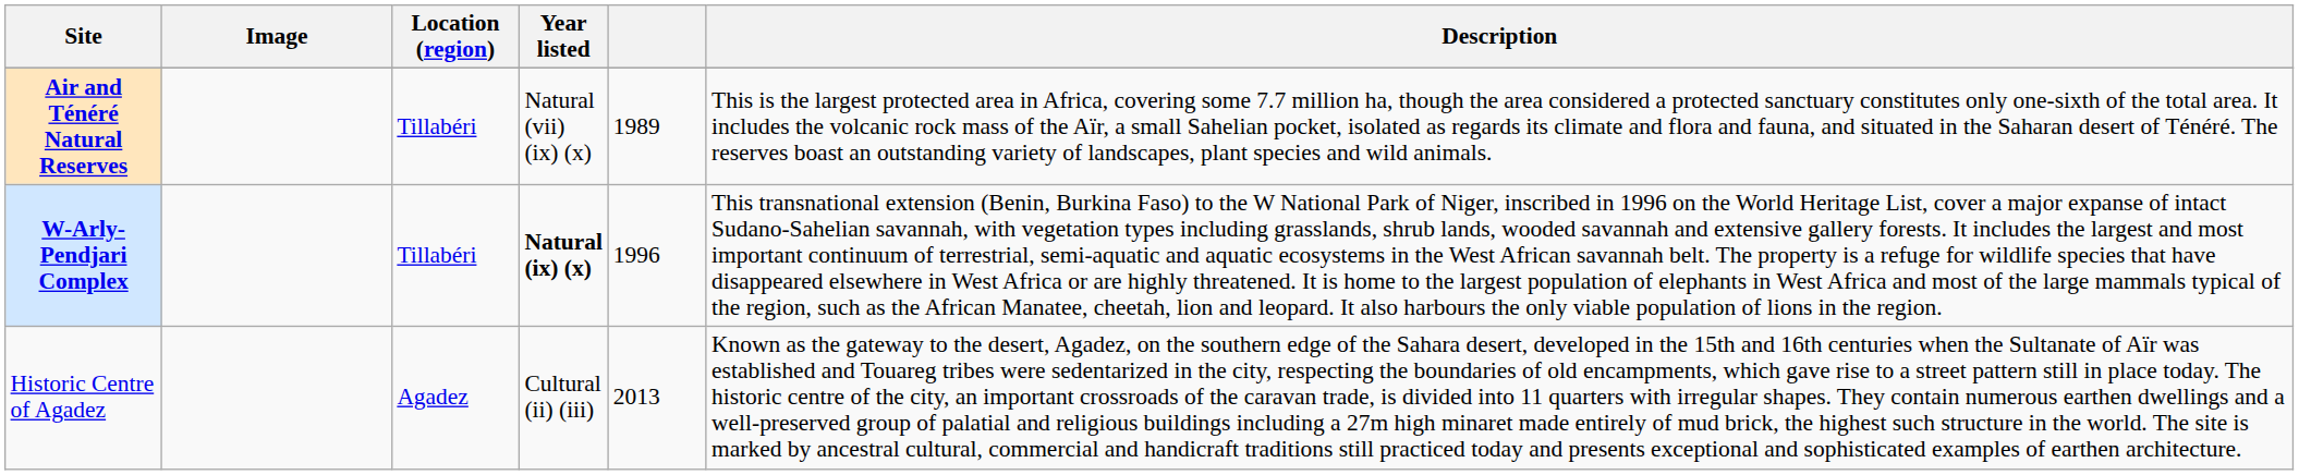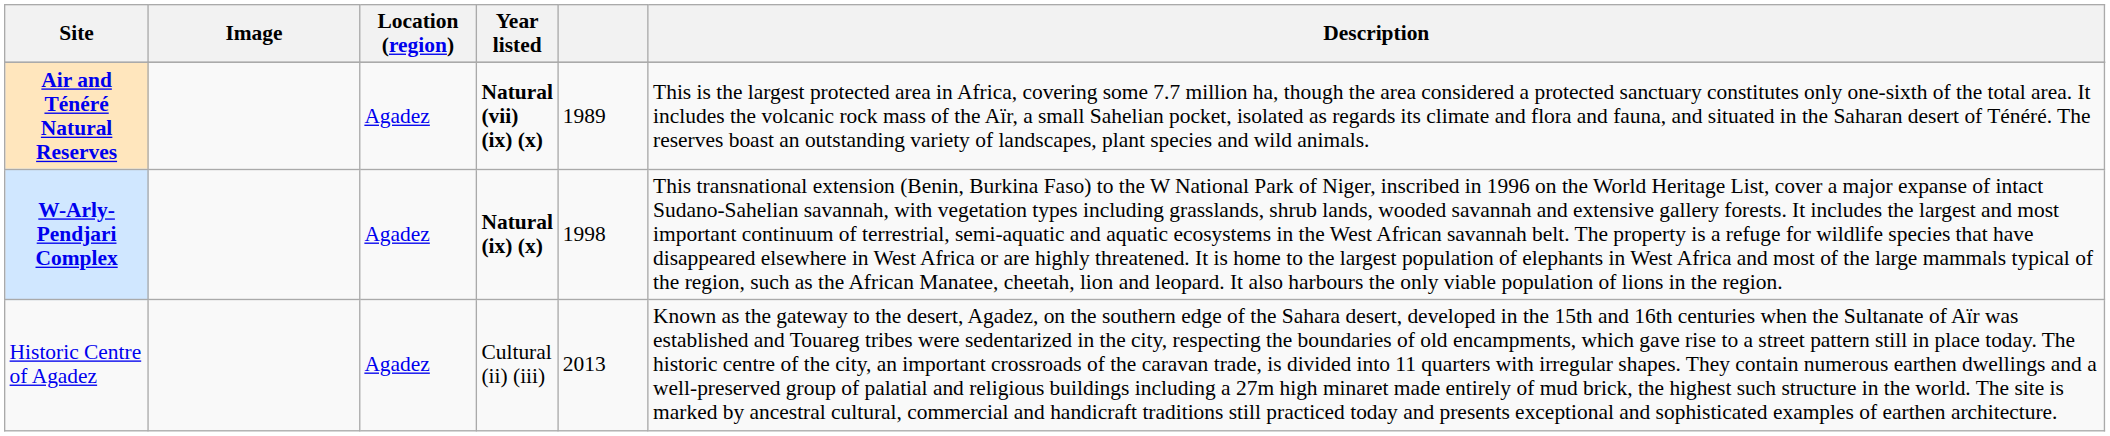 <table class="wikitable sortable plainrowheaders">
 <tr>
 <th style="width:100px;" scope="col">Site</th>
 <th class="unsortable"  style="width:150px;" scope="col">Image</th>
 <th style="width:80px;" scope="col">Location (<a href='#'>region</a>)</th>
 <th style="width:50px;" scope="col">Year listed</th>
 <th style="width:60px;" scope="col" data-sort-type="number"></th>
 <th scope="col" class="unsortable">Description</th>
 </tr>
 <tr>
 </tr>
 <tr>
 <th scope="row" style="background:#ffe6bd;"><a href='#'>Air and Ténéré Natural Reserves</a></th>
 <td></td>
-<td><a href='#'>Tillabéri</a></td>
-<td>Natural (vii) (ix) (x)</td>
+<td><a href='#'>Agadez</a></td>
+<td><strong>Natural (vii) (ix) (x)</strong></td>
 <td>1989</td>
 <td>This is the largest protected area in Africa, covering some 7.7 million ha, though the area considered a protected sanctuary constitutes only one-sixth of the total area. It includes the volcanic rock mass of the Aïr, a small Sahelian pocket, isolated as regards its climate and flora and fauna, and situated in the Saharan desert of Ténéré. The reserves boast an outstanding variety of landscapes, plant species and wild animals.</td>
 </tr>
 <tr>
 <th scope="row" style="background:#D0E7FF"><a href='#'>W-Arly-Pendjari Complex</a></th>
 <td></td>
-<td><a href='#'>Tillabéri</a></td>
+<td><a href='#'>Agadez</a></td>
 <td><strong>Natural (ix) (x)</strong></td>
-<td>1996</td>
+<td>1998</td>
 <td>This transnational extension (Benin, Burkina Faso) to the W National Park of Niger, inscribed in 1996 on the World Heritage List, cover a major expanse of intact Sudano-Sahelian savannah, with vegetation types including grasslands, shrub lands, wooded savannah and extensive gallery forests. It includes the largest and most important continuum of terrestrial, semi-aquatic and aquatic ecosystems in the West African savannah belt. The property is a refuge for wildlife species that have disappeared elsewhere in West Africa or are highly threatened. It is home to the largest population of elephants in West Africa and most of the large mammals typical of the region, such as the African Manatee, cheetah, lion and leopard. It also harbours the only viable population of lions in the region.</td>
 </tr>
 <tr>
 <td><a href='#'>Historic Centre of Agadez</a></td>
 <td></td>
 <td><a href='#'>Agadez</a></td>
 <td>Cultural (ii) (iii)</td>
 <td>2013</td>
 <td>Known as the gateway to the desert, Agadez, on the southern edge of the Sahara desert, developed in the 15th and 16th centuries when the Sultanate of Aïr was established  and Touareg tribes were sedentarized in the city, respecting the boundaries of old encampments, which gave rise to a street pattern still in place today. The historic centre of the city, an important crossroads of the caravan trade, is divided into 11 quarters with irregular shapes. They contain numerous earthen dwellings and a well-preserved group of palatial and religious buildings including a 27m high  minaret made entirely of mud brick, the highest such structure in the world.  The site is marked by ancestral cultural, commercial and handicraft traditions still practiced today and presents exceptional and sophisticated examples of earthen architecture.</td>
 </tr>
 </table>
